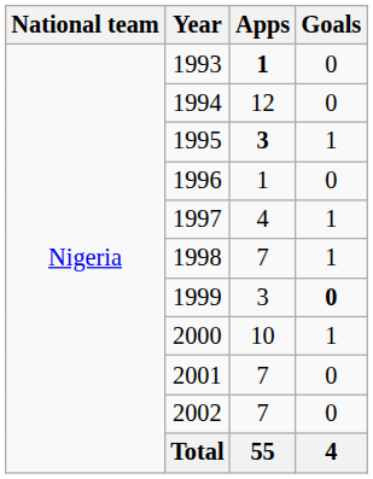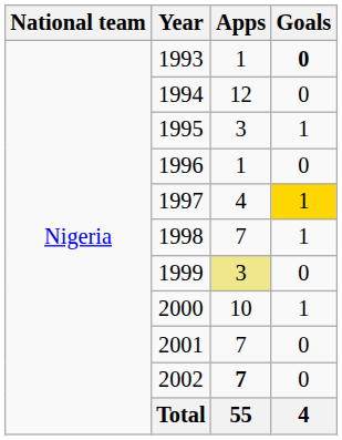 <table class="wikitable" style="text-align:center">
 <tr>
 <th>National team</th>
 <th>Year</th>
 <th>Apps</th>
 <th>Goals</th>
 </tr>
 <tr>
 <td rowspan="11"><a href='#'>Nigeria</a></td>
 <td>1993</td>
-<td><strong>1</strong></td>
-<td>0</td>
+<td>1</td>
+<td><strong>0</strong></td>
 </tr>
 <tr>
 <td>1994</td>
 <td>12</td>
 <td>0</td>
 </tr>
 <tr>
 <td>1995</td>
-<td><strong>3</strong></td>
+<td>3</td>
 <td>1</td>
 </tr>
 <tr>
 <td>1996</td>
 <td>1</td>
 <td>0</td>
 </tr>
 <tr>
 <td>1997</td>
 <td>4</td>
-<td>1</td>
+<td style="background: gold;">1</td>
 </tr>
 <tr>
 <td>1998</td>
 <td>7</td>
 <td>1</td>
 </tr>
 <tr>
 <td>1999</td>
-<td>3</td>
-<td><strong>0</strong></td>
+<td style="background: khaki;">3</td>
+<td>0</td>
 </tr>
 <tr>
 <td>2000</td>
 <td>10</td>
 <td>1</td>
 </tr>
 <tr>
 <td>2001</td>
 <td>7</td>
 <td>0</td>
 </tr>
 <tr>
 <td>2002</td>
-<td>7</td>
+<td><strong>7</strong></td>
 <td>0</td>
 </tr>
 <tr>
 <th>Total</th>
 <th>55</th>
 <th>4</th>
 </tr>
 </table>
